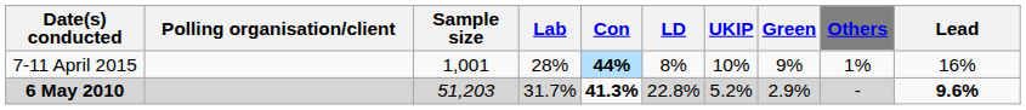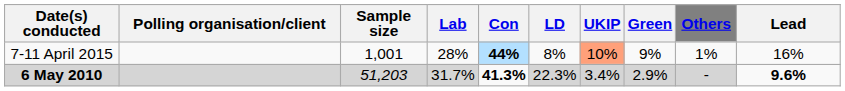 <table class="wikitable sortable" style="text-align:center;font-size:90%;line-height:14px">
 <tr>
 <th ! style="width:100px;">Date(s)<br>conducted</th>
 <th style="width:200px;">Polling organisation/client</th>
 <th class="unsortable" style="width:75px;">Sample size</th>
 <th class="unsortable" style="background:"><a href='#'><span>Lab</span></a></th>
 <th class="unsortable" style="background:"><a href='#'><span>Con</span></a></th>
 <th class="unsortable" style="background:"><a href='#'><span>LD</span></a></th>
 <th class="unsortable" style="background:"><a href='#'><span>UKIP</span></a></th>
 <th class="unsortable" style="background:"><a href='#'><span>Green</span></a></th>
 <th class="unsortable" style="background:gray; width:50px;"><a href='#'><span>Others</span></a></th>
 <th class="unsortable" style="width:90px;">Lead</th>
 </tr>
 <tr>
 <td>7-11 April 2015</td>
 <td> </td>
 <td>1,001</td>
 <td>28%</td>
 <td style="background:#B3E0FF"><strong>44%</strong></td>
 <td>8%</td>
-<td>10%</td>
+<td style="background: lightsalmon;">10%</td>
 <td>9%</td>
 <td>1%</td>
 <td style="background:">16%</td>
 </tr>
 <tr>
 <td style="background:#D5D5D5"><strong>6 May 2010</strong></td>
 <td style="background:#D5D5D5"></td>
 <td style="background:#D5D5D5"><em>51,203</em></td>
 <td style="background:#D5D5D5">31.7%</td>
 <td style="background:"><strong>41.3%</strong></td>
-<td style="background:#d5d5d5; color:Black;">22.8%</td>
-<td style="background:#D5D5D5">5.2%</td>
+<td style="background:#d5d5d5; color:Black;">22.3%</td>
+<td style="background:#D5D5D5">3.4%</td>
 <td style="background:#D5D5D5">2.9%</td>
 <td style="background:#D5D5D5">-</td>
 <td style="background:"><strong>9.6% </strong></td>
 </tr>
 </table>
